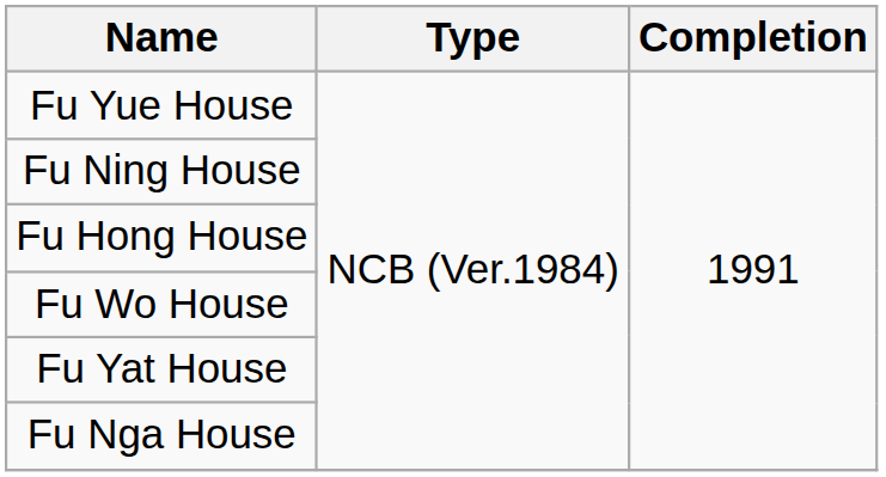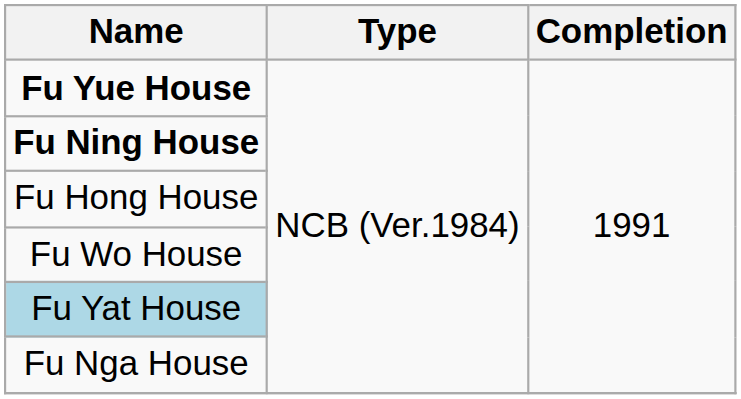 <table class="wikitable" style="text-align: center">
 <tr>
 <th>Name</th>
 <th>Type</th>
 <th>Completion</th>
 </tr>
 <tr>
-<td>Fu Yue House</td>
+<td><strong>Fu Yue House</strong></td>
 <td rowspan="6">NCB (Ver.1984)</td>
 <td rowspan="6">1991</td>
 </tr>
 <tr>
-<td>Fu Ning House</td>
+<td><strong>Fu Ning House</strong></td>
 </tr>
 <tr>
 <td>Fu Hong House</td>
 </tr>
 <tr>
 <td>Fu Wo House</td>
 </tr>
 <tr>
-<td>Fu Yat House</td>
+<td style="background: lightblue;">Fu Yat House</td>
 </tr>
 <tr>
 <td>Fu Nga House</td>
 </tr>
 <tr>
 </tr>
 </table>
